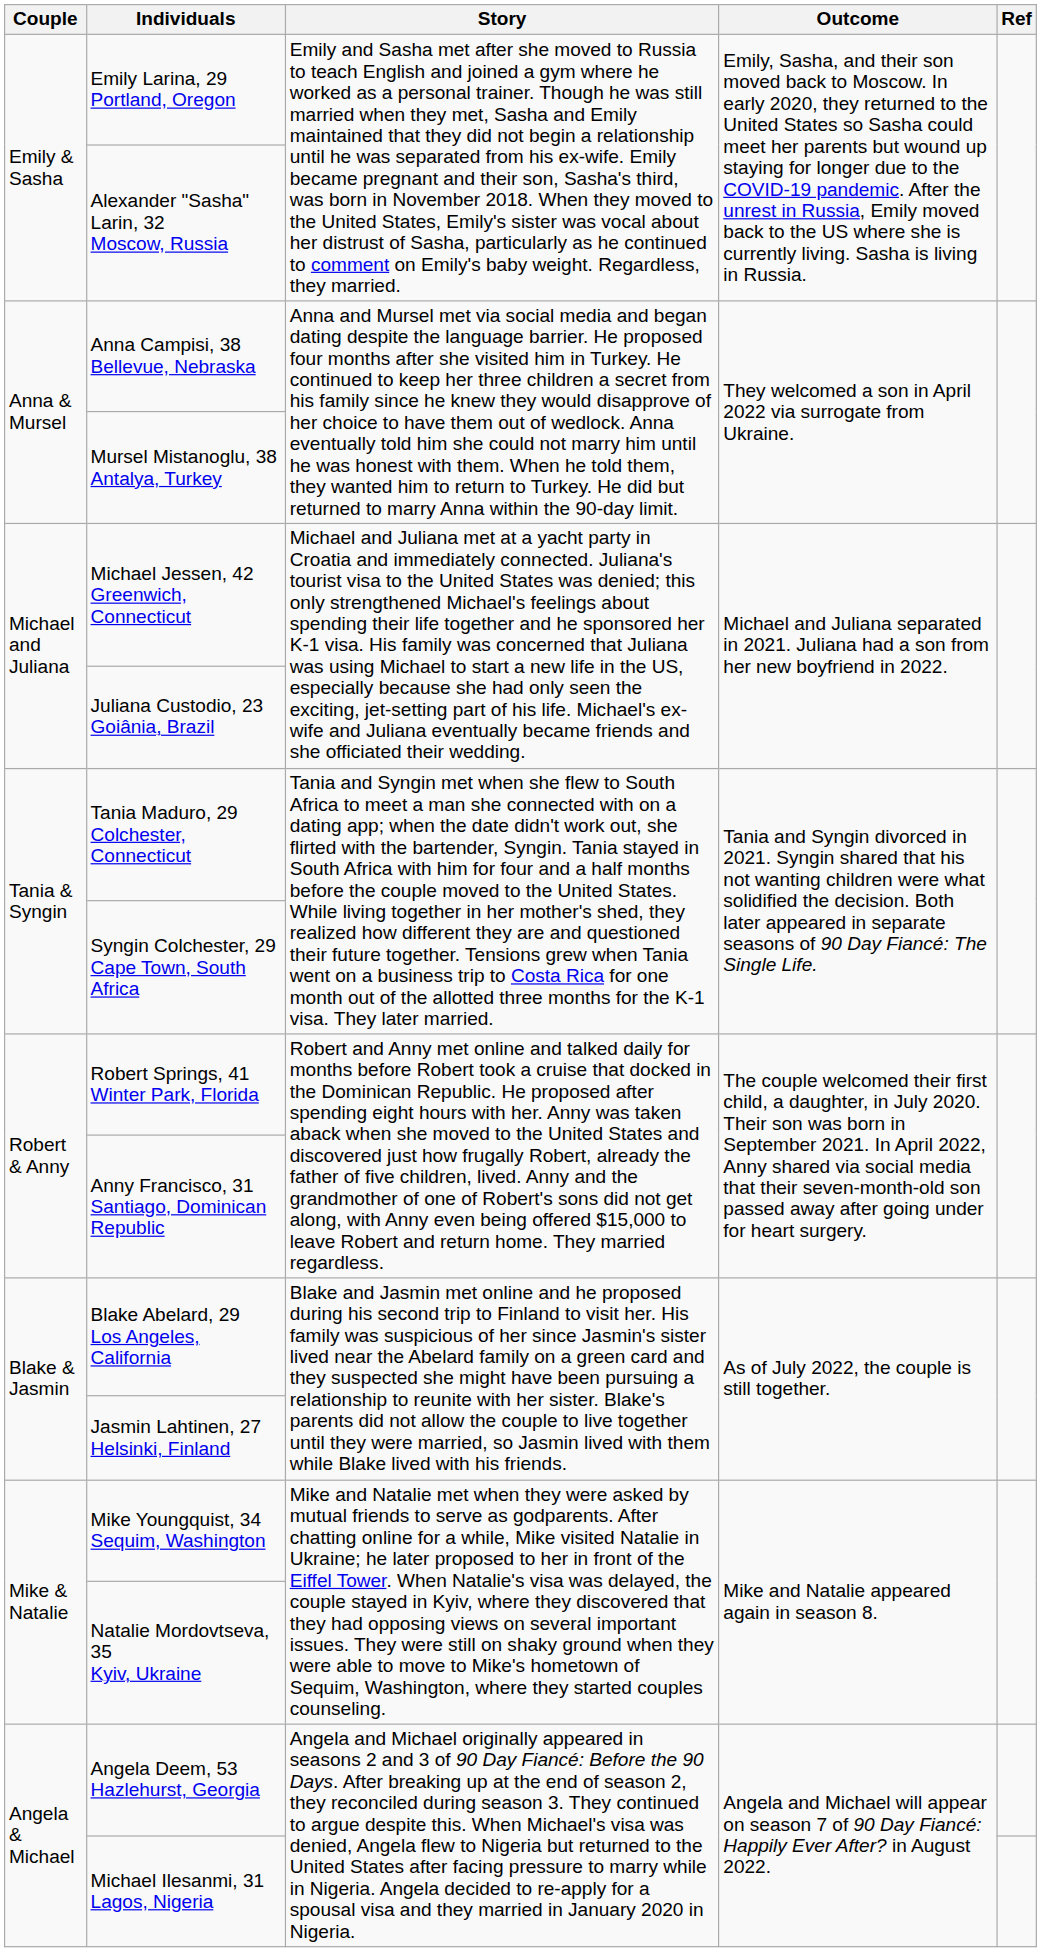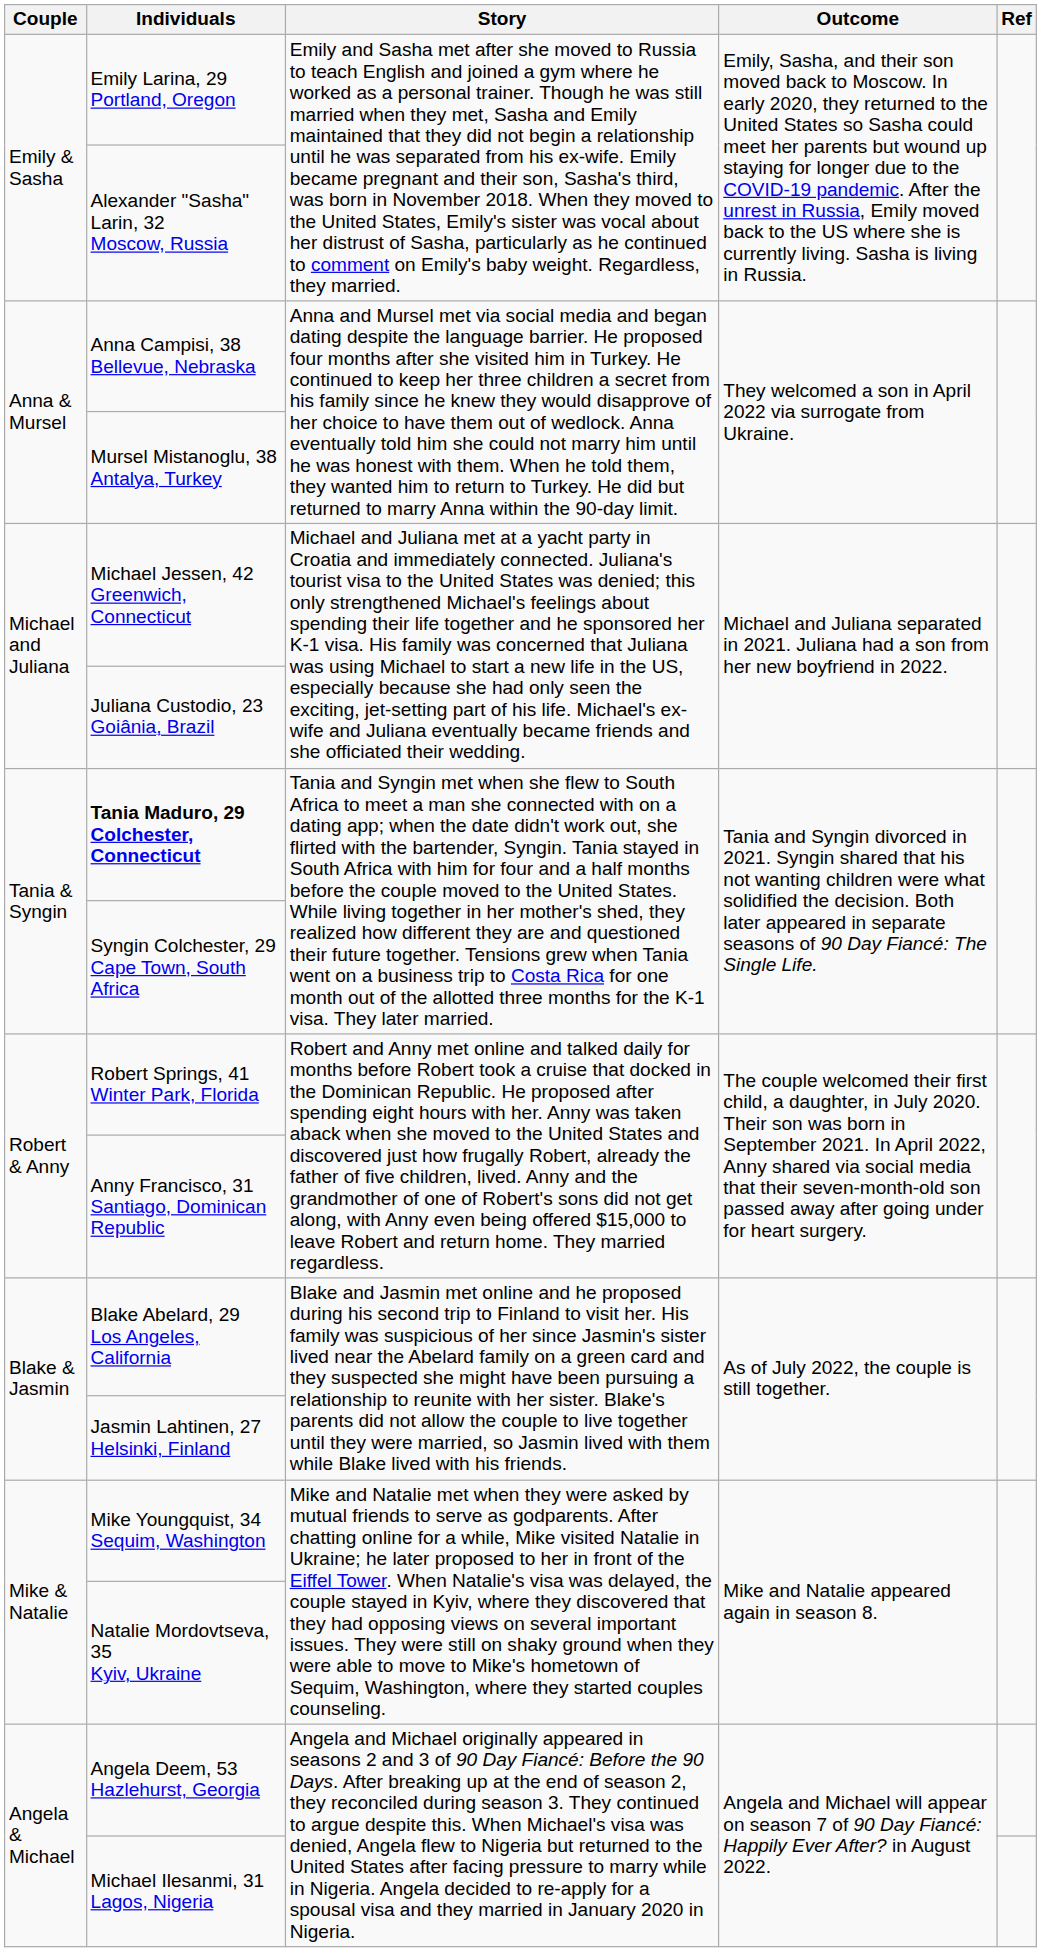 <table class="wikitable sortable">
 <tr>
 <th>Couple</th>
 <th style=width:10em>Individuals</th>
 <th>Story</th>
 <th>Outcome</th>
 <th style=width:1em>Ref</th>
 </tr>
 <tr>
 <td rowspan="2">Emily & Sasha</td>
 <td>Emily Larina, 29<br><a href='#'>Portland, Oregon</a></td>
 <td rowspan="2">Emily and Sasha met after she moved to Russia to teach English and joined a gym where he worked as a personal trainer. Though he was still married when they met, Sasha and Emily maintained that they did not begin a relationship until he was separated from his ex-wife. Emily became pregnant and their son, Sasha's third, was born in November 2018. When they moved to the United States, Emily's sister was vocal about her distrust of Sasha, particularly as he continued to <a href='#'>comment</a> on Emily's baby weight. Regardless, they married.</td>
 <td rowspan="2">Emily, Sasha, and their son moved back to Moscow. In early 2020, they returned to the United States so Sasha could meet her parents but wound up staying for longer due to the <a href='#'>COVID-19 pandemic</a>. After the <a href='#'>unrest in Russia</a>, Emily moved back to the US where she is currently living.  Sasha is living in Russia.</td>
 </tr>
 <tr>
 <td>Alexander "Sasha" Larin, 32<br><a href='#'>Moscow, Russia</a></td>
 </tr>
 <tr>
 <td rowspan="2">Anna & Mursel</td>
 <td>Anna Campisi, 38<br><a href='#'>Bellevue, Nebraska</a></td>
 <td rowspan="2">Anna and Mursel met via social media and began dating despite the language barrier. He proposed four months after she visited him in Turkey. He continued to keep her three children a secret from his family since he knew they would disapprove of her choice to have them out of wedlock. Anna eventually told him she could not marry him until he was honest with them. When he told them, they wanted him to return to Turkey. He did but returned to marry Anna within the 90-day limit.</td>
 <td rowspan="2">They welcomed a son in April 2022 via surrogate from Ukraine.</td>
 <td rowspan="2"></td>
 </tr>
 <tr>
 <td>Mursel Mistanoglu, 38<br><a href='#'>Antalya, Turkey</a></td>
 </tr>
 <tr>
 <td rowspan="2">Michael and Juliana</td>
 <td>Michael Jessen, 42<br><a href='#'>Greenwich, Connecticut</a></td>
 <td rowspan="2">Michael and Juliana met at a yacht party in Croatia and immediately connected. Juliana's tourist visa to the United States was denied; this only strengthened Michael's feelings about spending their life together and he sponsored her K-1 visa. His family was concerned that Juliana was using Michael to start a new life in the US, especially because she had only seen the exciting, jet-setting part of his life. Michael's ex-wife and Juliana eventually became friends and she officiated their wedding.</td>
 <td rowspan="2">Michael and Juliana separated in 2021. Juliana had a son from her new boyfriend in 2022.</td>
 <td rowspan="2"></td>
 </tr>
 <tr>
 <td>Juliana Custodio, 23<br><a href='#'>Goiânia, Brazil</a></td>
 </tr>
 <tr>
 <td rowspan="2">Tania & Syngin</td>
-<td>Tania Maduro, 29<br><a href='#'>Colchester, Connecticut</a></td>
+<td><strong>Tania Maduro, 29<br><a href='#'>Colchester, Connecticut</a></strong></td>
 <td rowspan="2">Tania and Syngin met when she flew to South Africa to meet a man she connected with on a dating app; when the date didn't work out, she flirted with the bartender, Syngin. Tania stayed in South Africa with him for four and a half months before the couple moved to the United States. While living together in her mother's shed, they realized how different they are and questioned their future together. Tensions grew when Tania went on a business trip to <a href='#'>Costa Rica</a> for one month out of the allotted three months for the K-1 visa. They later married.</td>
 <td rowspan="2">Tania and Syngin divorced in 2021. Syngin shared that his not wanting children were what solidified the decision. Both later appeared in separate seasons of <em>90 Day Fiancé: The Single Life.</em></td>
 <td rowspan="2"></td>
 </tr>
 <tr>
 <td>Syngin Colchester, 29<br><a href='#'>Cape Town, South Africa</a></td>
 </tr>
 <tr>
 <td rowspan="2">Robert & Anny</td>
 <td>Robert Springs, 41<br><a href='#'>Winter Park, Florida</a></td>
 <td rowspan="2">Robert and Anny met online and talked daily for months before Robert took a cruise that docked in the Dominican Republic. He proposed after spending eight hours with her. Anny was taken aback when she moved to the United States and discovered just how frugally Robert, already the father of five children, lived. Anny and the grandmother of one of Robert's sons did not get along, with Anny even being offered $15,000 to leave Robert and return home. They married regardless.</td>
 <td rowspan="2">The couple welcomed their first child, a daughter, in July 2020. Their son was born in September 2021. In April 2022, Anny shared via social media that their seven-month-old son passed away after going under for heart surgery.</td>
 <td rowspan="2"></td>
 </tr>
 <tr>
 <td>Anny Francisco, 31<br><a href='#'>Santiago, Dominican Republic</a></td>
 </tr>
 <tr>
 <td rowspan="2">Blake & Jasmin</td>
 <td>Blake Abelard, 29<br><a href='#'>Los Angeles, California</a></td>
 <td rowspan="2">Blake and Jasmin met online and he proposed during his second trip to Finland to visit her. His family was suspicious of her since Jasmin's sister lived near the Abelard family on a green card and they suspected she might have been pursuing a relationship to reunite with her sister. Blake's parents did not allow the couple to live together until they were married, so Jasmin lived with them while Blake lived with his friends.</td>
 <td rowspan="2">As of July 2022, the couple is still together.</td>
 </tr>
 <tr>
 <td>Jasmin Lahtinen, 27<br><a href='#'>Helsinki, Finland</a></td>
 </tr>
 <tr>
 <td rowspan="2">Mike & Natalie</td>
 <td>Mike Youngquist, 34<br><a href='#'>Sequim, Washington</a></td>
 <td rowspan="2">Mike and Natalie met when they were asked by mutual friends to serve as godparents. After chatting online for a while, Mike visited Natalie in Ukraine; he later proposed to her in front of the <a href='#'>Eiffel Tower</a>. When Natalie's visa was delayed, the couple stayed in Kyiv, where they discovered that they had opposing views on several important issues. They were still on shaky ground when they were able to move to Mike's hometown of Sequim, Washington, where they started couples counseling.</td>
 <td rowspan="2">Mike and Natalie appeared again in season 8.</td>
 <td rowspan="2"></td>
 </tr>
 <tr>
 <td>Natalie Mordovtseva, 35<br><a href='#'>Kyiv, Ukraine</a></td>
 </tr>
 <tr>
 <td rowspan="2">Angela & Michael</td>
 <td>Angela Deem, 53<br><a href='#'>Hazlehurst, Georgia</a></td>
 <td rowspan="2">Angela and Michael originally appeared in seasons 2 and 3 of <em>90 Day Fiancé: Before the 90 Days</em>. After breaking up at the end of season 2, they reconciled during season 3. They continued to argue despite this. When Michael's visa was denied, Angela flew to Nigeria but returned to the United States after facing pressure to marry while in Nigeria. Angela decided to re-apply for a spousal visa and they married in January 2020 in Nigeria.</td>
 <td rowspan="2">Angela and Michael will appear on season 7 of <em>90 Day Fiancé: Happily Ever After?</em> in August 2022.</td>
 <td></td>
 </tr>
 <tr>
 <td>Michael Ilesanmi, 31<br><a href='#'>Lagos, Nigeria</a></td>
 </tr>
 </table>
